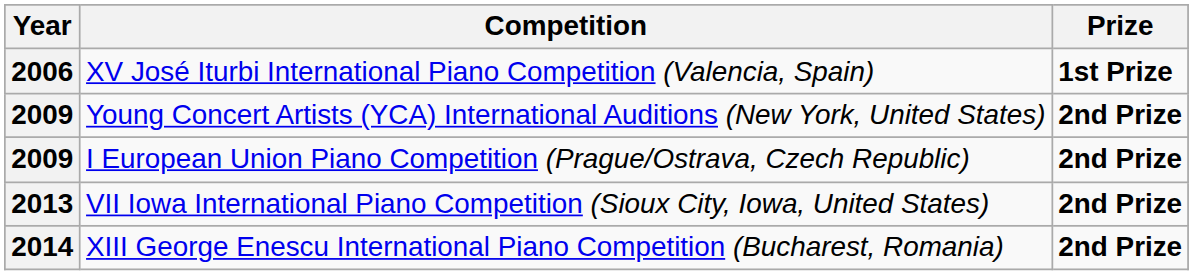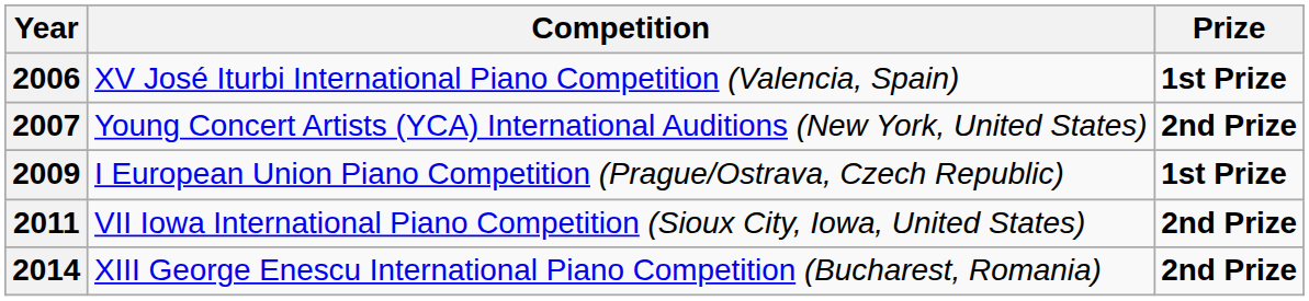 <table class="wikitable">
 <tr>
 <th>Year</th>
 <th>Competition</th>
 <th>Prize</th>
 </tr>
 <tr>
 <th>2006</th>
 <td> <a href='#'>XV José Iturbi International Piano Competition</a> <em>(Valencia, Spain)</em></td>
 <td><strong>1st Prize</strong></td>
 </tr>
 <tr>
-<th>2009</th>
+<th>2007</th>
 <td> <a href='#'>Young Concert Artists (YCA) International Auditions</a> <em>(New York, United States)</em></td>
 <td><strong>2nd Prize</strong></td>
 </tr>
 <tr>
 <th>2009</th>
 <td> <a href='#'>I European Union Piano Competition</a> <em>(Prague/Ostrava, Czech Republic)</em></td>
-<td><strong>2nd Prize</strong></td>
+<td><strong>1st Prize</strong></td>
 </tr>
 <tr>
-<th>2013</th>
+<th>2011</th>
 <td> <a href='#'>VII Iowa International Piano Competition</a> <em>(Sioux City, Iowa, United States)</em></td>
 <td><strong>2nd Prize</strong></td>
 </tr>
 <tr>
 <th>2014</th>
 <td> <a href='#'>XIII George Enescu International Piano Competition</a> <em>(Bucharest, Romania)</em></td>
 <td><strong>2nd Prize</strong></td>
 </tr>
 </table>
